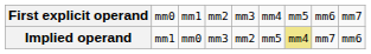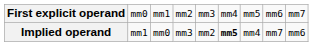 <table class="wikitable">
 <tr>
 <th>First explicit operand</th>
 <td><code>mm0</code></td>
 <td><code>mm1</code></td>
 <td><code>mm2</code></td>
 <td><code>mm3</code></td>
 <td><code>mm4</code></td>
 <td><code>mm5</code></td>
 <td><code>mm6</code></td>
 <td><code>mm7</code></td>
 </tr>
 <tr>
 <th>Implied operand</th>
 <td><code>mm1</code></td>
 <td><code>mm0</code></td>
 <td><code>mm3</code></td>
 <td><code>mm2</code></td>
-<td><code>mm5</code></td>
-<td style="background: khaki;"><code>mm4</code></td>
+<td><strong><code>mm5</code></strong></td>
+<td><code>mm4</code></td>
 <td><code>mm7</code></td>
 <td><code>mm6</code></td>
 </tr>
 </table>
